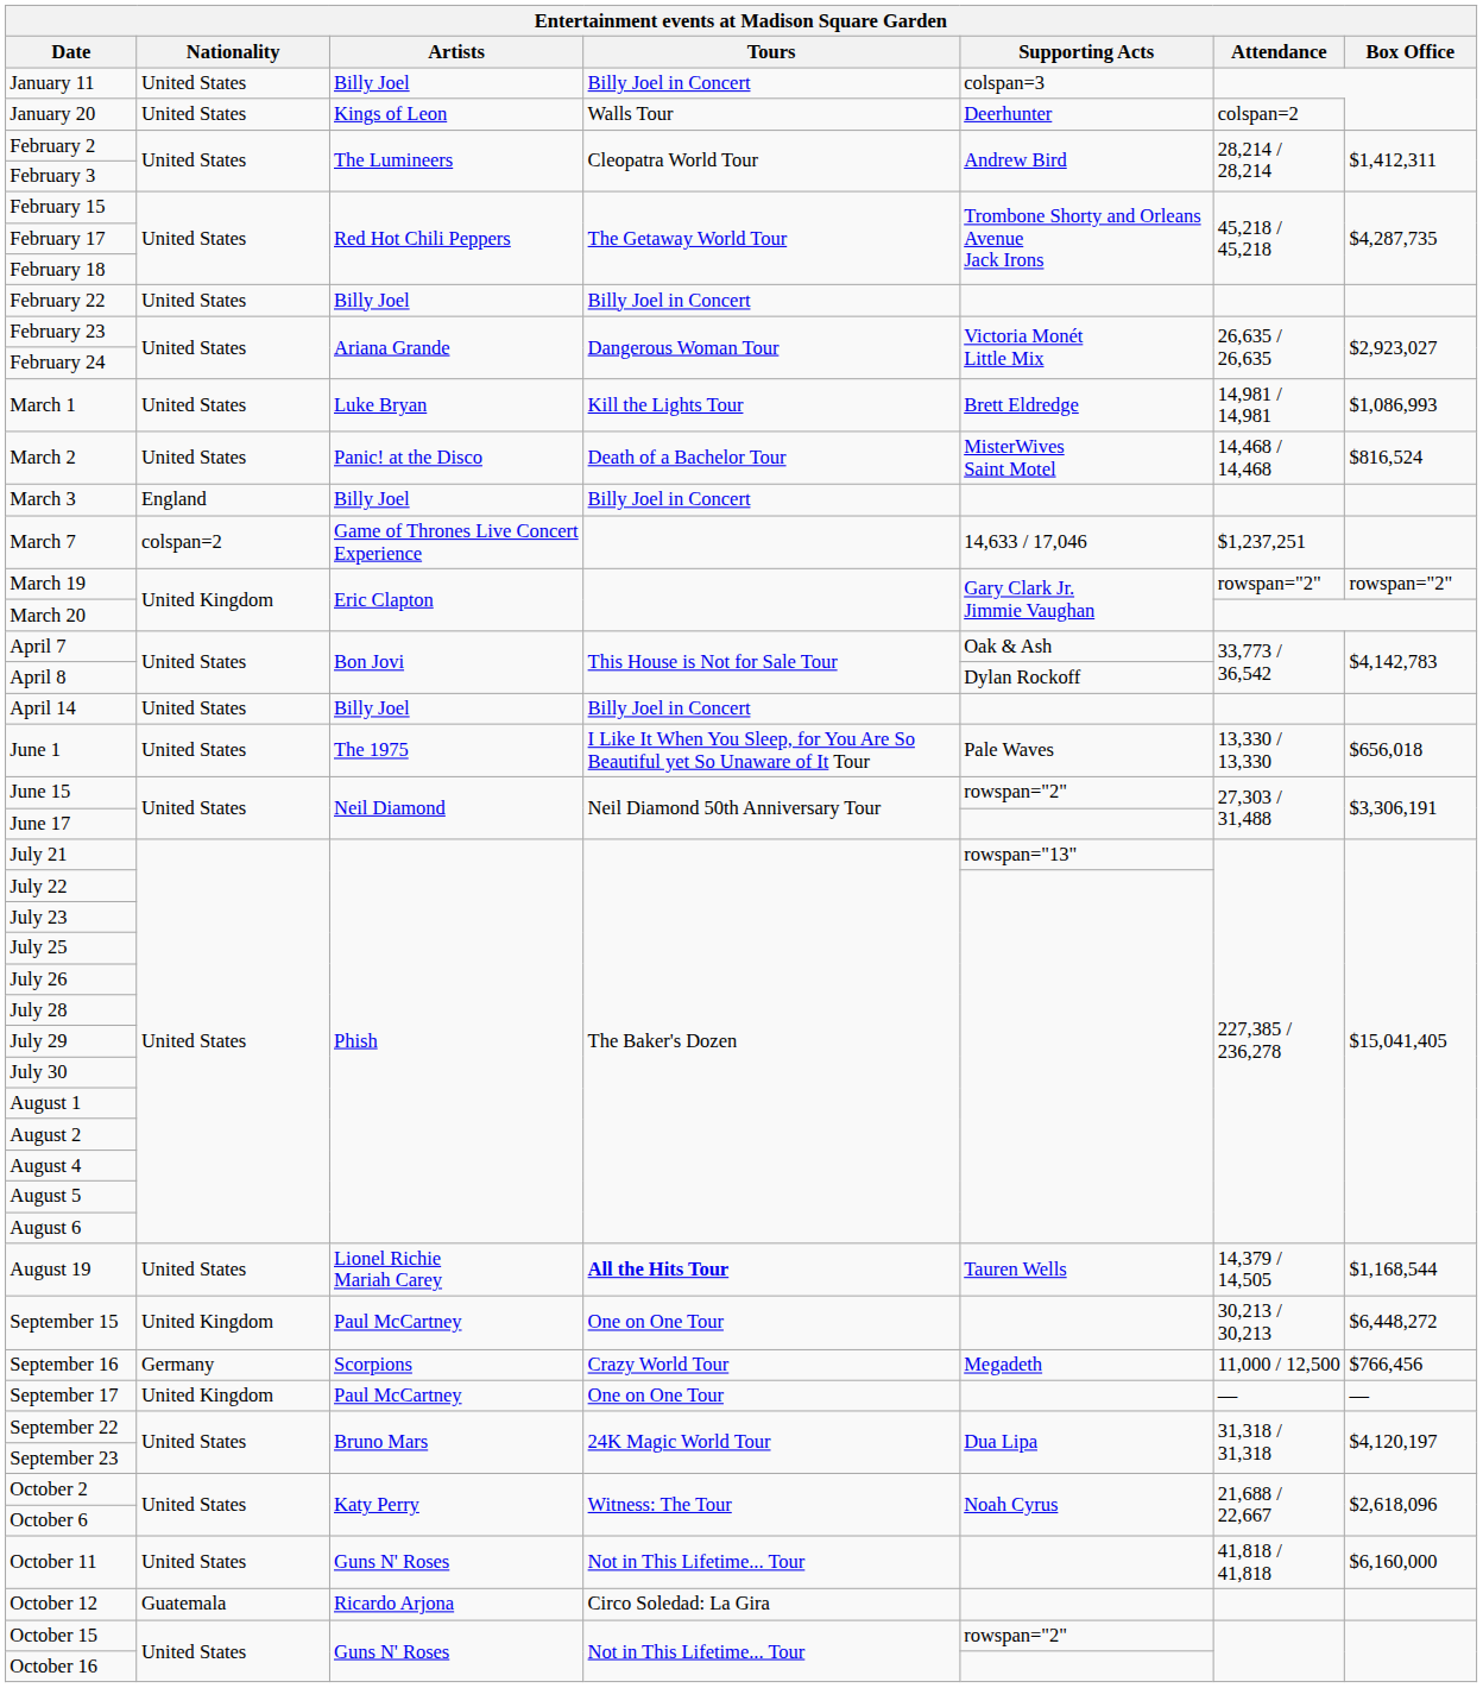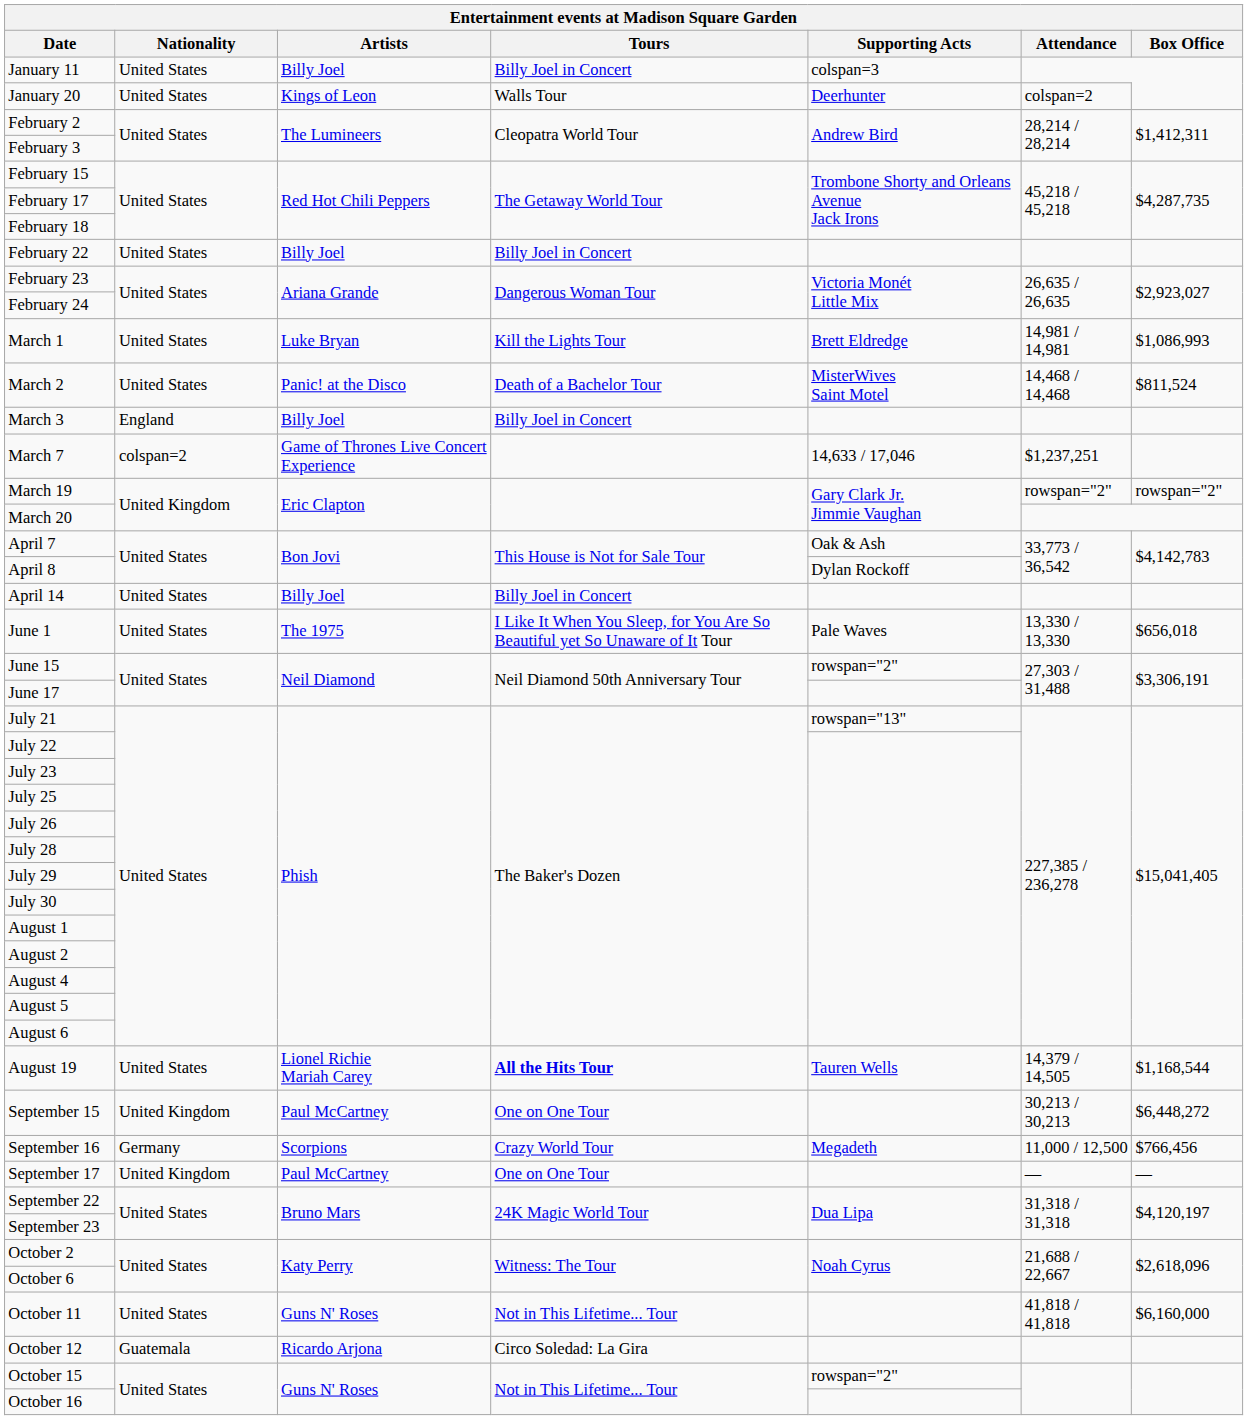 <table class="wikitable">
 <tr>
 <th colspan="7">Entertainment events at Madison Square Garden</th>
 </tr>
 <tr>
 <th width=100>Date</th>
 <th width=150>Nationality</th>
 <th width=200>Artists</th>
 <th width=300>Tours</th>
 <th width=200>Supporting Acts</th>
 <th width=100>Attendance</th>
 <th width=100>Box Office</th>
 </tr>
 <tr>
 <td>January 11</td>
 <td>United States</td>
 <td><a href='#'>Billy Joel</a></td>
 <td><a href='#'>Billy Joel in Concert</a></td>
 <td>colspan=3 </td>
 </tr>
 <tr>
 <td>January 20</td>
 <td>United States</td>
 <td><a href='#'>Kings of Leon</a></td>
 <td>Walls Tour</td>
 <td><a href='#'>Deerhunter</a></td>
 <td>colspan=2 </td>
 </tr>
 <tr>
 <td>February 2</td>
 <td rowspan="2">United States</td>
 <td rowspan="2"><a href='#'>The Lumineers</a></td>
 <td rowspan="2">Cleopatra World Tour</td>
 <td rowspan="2"><a href='#'>Andrew Bird</a></td>
 <td rowspan="2">28,214 / 28,214</td>
 <td rowspan="2">$1,412,311</td>
 </tr>
 <tr>
 <td>February 3</td>
 </tr>
 <tr>
 <td>February 15</td>
 <td rowspan="3">United States</td>
 <td rowspan="3"><a href='#'>Red Hot Chili Peppers</a></td>
 <td rowspan="3"><a href='#'>The Getaway World Tour</a></td>
 <td rowspan="3"><a href='#'>Trombone Shorty and Orleans Avenue</a><br><a href='#'>Jack Irons</a></td>
 <td rowspan="3">45,218 / 45,218</td>
 <td rowspan="3">$4,287,735</td>
 </tr>
 <tr>
 <td>February 17</td>
 </tr>
 <tr>
 <td>February 18</td>
 </tr>
 <tr>
 <td>February 22</td>
 <td>United States</td>
 <td><a href='#'>Billy Joel</a></td>
 <td><a href='#'>Billy Joel in Concert</a></td>
 <td></td>
 <td></td>
 <td></td>
 </tr>
 <tr>
 <td>February 23</td>
 <td rowspan="2">United States</td>
 <td rowspan="2"><a href='#'>Ariana Grande</a></td>
 <td rowspan="2"><a href='#'>Dangerous Woman Tour</a></td>
 <td rowspan="2"><a href='#'>Victoria Monét</a><br><a href='#'>Little Mix</a></td>
 <td rowspan="2">26,635 / 26,635</td>
 <td rowspan="2">$2,923,027</td>
 </tr>
 <tr>
 <td>February 24</td>
 </tr>
 <tr>
 <td>March 1</td>
 <td>United States</td>
 <td><a href='#'>Luke Bryan</a></td>
 <td><a href='#'>Kill the Lights Tour</a></td>
 <td><a href='#'>Brett Eldredge</a></td>
 <td>14,981 / 14,981</td>
 <td>$1,086,993</td>
 </tr>
 <tr>
 <td>March 2</td>
 <td>United States</td>
 <td><a href='#'>Panic! at the Disco</a></td>
 <td><a href='#'>Death of a Bachelor Tour</a></td>
 <td><a href='#'>MisterWives</a><br><a href='#'>Saint Motel</a></td>
 <td>14,468 / 14,468</td>
-<td>$816,524</td>
+<td>$811,524</td>
 </tr>
 <tr>
 <td>March 3</td>
 <td>England</td>
 <td><a href='#'>Billy Joel</a></td>
 <td><a href='#'>Billy Joel in Concert</a></td>
 <td></td>
 <td></td>
 <td></td>
 </tr>
 <tr>
 <td>March 7</td>
 <td>colspan=2 </td>
 <td><a href='#'>Game of Thrones Live Concert Experience</a></td>
 <td></td>
 <td>14,633 / 17,046</td>
 <td>$1,237,251</td>
 </tr>
 <tr>
 <td>March 19</td>
 <td rowspan="2">United Kingdom</td>
 <td rowspan="2"><a href='#'>Eric Clapton</a></td>
 <td rowspan="2"></td>
 <td rowspan="2"><a href='#'>Gary Clark Jr.</a><br><a href='#'>Jimmie Vaughan</a></td>
 <td>rowspan="2" </td>
 <td>rowspan="2" </td>
 </tr>
 <tr>
 <td>March 20</td>
 </tr>
 <tr>
 <td>April 7</td>
 <td rowspan="2">United States</td>
 <td rowspan="2"><a href='#'>Bon Jovi</a></td>
 <td rowspan="2"><a href='#'>This House is Not for Sale Tour</a></td>
 <td>Oak & Ash</td>
 <td rowspan="2">33,773 / 36,542</td>
 <td rowspan="2">$4,142,783</td>
 </tr>
 <tr>
 <td>April 8</td>
 <td>Dylan Rockoff</td>
 </tr>
 <tr>
 <td>April 14</td>
 <td>United States</td>
 <td><a href='#'>Billy Joel</a></td>
 <td><a href='#'>Billy Joel in Concert</a></td>
 <td></td>
 <td></td>
 <td></td>
 </tr>
 <tr>
 <td>June 1</td>
 <td>United States</td>
 <td><a href='#'>The 1975</a></td>
 <td><a href='#'>I Like It When You Sleep, for You Are So Beautiful yet So Unaware of It</a> Tour</td>
 <td>Pale Waves</td>
 <td>13,330 / 13,330</td>
 <td>$656,018</td>
 </tr>
 <tr>
 <td>June 15</td>
 <td rowspan="2">United States</td>
 <td rowspan="2"><a href='#'>Neil Diamond</a></td>
 <td rowspan="2">Neil Diamond 50th Anniversary Tour</td>
 <td>rowspan="2" </td>
 <td rowspan="2">27,303 / 31,488</td>
 <td rowspan="2">$3,306,191</td>
 </tr>
 <tr>
 <td>June 17</td>
 </tr>
 <tr>
 <td>July 21</td>
 <td rowspan="13">United States</td>
 <td rowspan="13"><a href='#'>Phish</a></td>
 <td rowspan="13">The Baker's Dozen</td>
 <td>rowspan="13" </td>
 <td rowspan="13">227,385 / 236,278</td>
 <td rowspan="13">$15,041,405</td>
 </tr>
 <tr>
 <td>July 22</td>
 </tr>
 <tr>
 <td>July 23</td>
 </tr>
 <tr>
 <td>July 25</td>
 </tr>
 <tr>
 <td>July 26</td>
 </tr>
 <tr>
 <td>July 28</td>
 </tr>
 <tr>
 <td>July 29</td>
 </tr>
 <tr>
 <td>July 30</td>
 </tr>
 <tr>
 <td>August 1</td>
 </tr>
 <tr>
 <td>August 2</td>
 </tr>
 <tr>
 <td>August 4</td>
 </tr>
 <tr>
 <td>August 5</td>
 </tr>
 <tr>
 <td>August 6</td>
 </tr>
 <tr>
 <td>August 19</td>
 <td>United States</td>
 <td><a href='#'>Lionel Richie</a><br><a href='#'>Mariah Carey</a></td>
 <td><strong><a href='#'>All the Hits Tour</a></strong></td>
 <td><a href='#'>Tauren Wells</a></td>
 <td>14,379 / 14,505</td>
 <td>$1,168,544</td>
 </tr>
 <tr>
 <td>September 15</td>
 <td>United Kingdom</td>
 <td><a href='#'>Paul McCartney</a></td>
 <td><a href='#'>One on One Tour</a></td>
 <td></td>
 <td>30,213 / 30,213</td>
 <td>$6,448,272</td>
 </tr>
 <tr>
 <td>September 16</td>
 <td>Germany</td>
 <td><a href='#'>Scorpions</a></td>
 <td><a href='#'>Crazy World Tour</a></td>
 <td><a href='#'>Megadeth</a></td>
 <td>11,000 / 12,500</td>
 <td>$766,456</td>
 </tr>
 <tr>
 <td>September 17</td>
 <td>United Kingdom</td>
 <td><a href='#'>Paul McCartney</a></td>
 <td><a href='#'>One on One Tour</a></td>
 <td></td>
 <td>—</td>
 <td>—</td>
 </tr>
 <tr>
 <td>September 22</td>
 <td rowspan="2">United States</td>
 <td rowspan="2"><a href='#'>Bruno Mars</a></td>
 <td rowspan="2"><a href='#'>24K Magic World Tour</a></td>
 <td rowspan="2"><a href='#'>Dua Lipa</a></td>
 <td rowspan="2">31,318 / 31,318</td>
 <td rowspan="2">$4,120,197</td>
 </tr>
 <tr>
 <td>September 23</td>
 </tr>
 <tr>
 <td>October 2</td>
 <td rowspan="2">United States</td>
 <td rowspan="2"><a href='#'>Katy Perry</a></td>
 <td rowspan="2"><a href='#'>Witness: The Tour</a></td>
 <td rowspan="2"><a href='#'>Noah Cyrus</a></td>
 <td rowspan="2">21,688 / 22,667</td>
 <td rowspan="2">$2,618,096</td>
 </tr>
 <tr>
 <td>October 6</td>
 </tr>
 <tr>
 <td>October 11</td>
 <td>United States</td>
 <td><a href='#'>Guns N' Roses</a></td>
 <td><a href='#'>Not in This Lifetime... Tour</a></td>
 <td></td>
 <td>41,818 / 41,818</td>
 <td>$6,160,000</td>
 </tr>
 <tr>
 <td>October 12</td>
 <td>Guatemala</td>
 <td><a href='#'>Ricardo Arjona</a></td>
 <td>Circo Soledad: La Gira</td>
 <td></td>
 <td></td>
 <td></td>
 </tr>
 <tr>
 <td>October 15</td>
 <td rowspan="2">United States</td>
 <td rowspan="2"><a href='#'>Guns N' Roses</a></td>
 <td rowspan="2"><a href='#'>Not in This Lifetime... Tour</a></td>
 <td>rowspan="2" </td>
 <td rowspan="2"></td>
 <td rowspan="2"></td>
 </tr>
 <tr>
 <td>October 16</td>
 </tr>
 </table>
